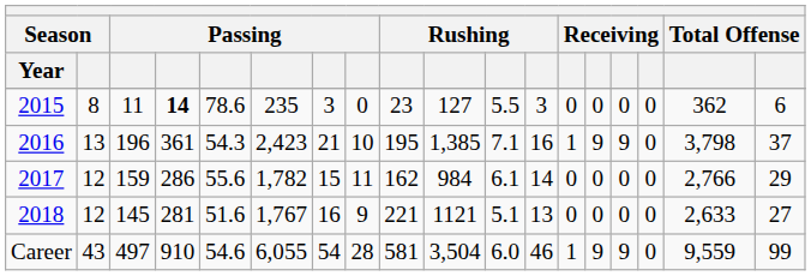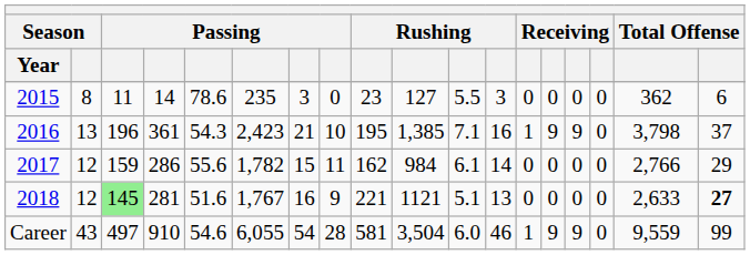 <table class=wikitable style="text-align:center;">
 <tr>
 <th colspan="18"></th>
 </tr>
 <tr>
 <th colspan=2>Season</th>
 <th colspan=6>Passing</th>
 <th colspan=4>Rushing</th>
 <th colspan=4>Receiving</th>
 <th colspan=2>Total Offense</th>
 </tr>
 <tr>
 <th>Year</th>
 <th></th>
 <th></th>
 <th></th>
 <th></th>
 <th></th>
 <th></th>
 <th></th>
 <th></th>
 <th></th>
 <th></th>
 <th></th>
 <th></th>
 <th></th>
 <th></th>
 <th></th>
 <th></th>
 <th></th>
 </tr>
 <tr>
 </tr>
 <tr>
 <td><a href='#'>2015</a></td>
 <td>8</td>
 <td>11</td>
-<td><strong>14</strong></td>
+<td>14</td>
 <td>78.6</td>
 <td>235</td>
 <td>3</td>
 <td>0</td>
 <td>23</td>
 <td>127</td>
 <td>5.5</td>
 <td>3</td>
 <td>0</td>
 <td>0</td>
 <td>0</td>
 <td>0</td>
 <td>362</td>
 <td>6</td>
 </tr>
 <tr>
 <td><a href='#'>2016</a></td>
 <td>13</td>
 <td>196</td>
 <td>361</td>
 <td>54.3</td>
 <td>2,423</td>
 <td>21</td>
 <td>10</td>
 <td>195</td>
 <td>1,385</td>
 <td>7.1</td>
 <td>16</td>
 <td>1</td>
 <td>9</td>
 <td>9</td>
 <td>0</td>
 <td>3,798</td>
 <td>37</td>
 </tr>
 <tr>
 <td><a href='#'>2017</a></td>
 <td>12</td>
 <td>159</td>
 <td>286</td>
 <td>55.6</td>
 <td>1,782</td>
 <td>15</td>
 <td>11</td>
 <td>162</td>
 <td>984</td>
 <td>6.1</td>
 <td>14</td>
 <td>0</td>
 <td>0</td>
 <td>0</td>
 <td>0</td>
 <td>2,766</td>
 <td>29</td>
 </tr>
 <tr>
 <td><a href='#'>2018</a></td>
 <td>12</td>
-<td>145</td>
+<td style="background: lightgreen;">145</td>
 <td>281</td>
 <td>51.6</td>
 <td>1,767</td>
 <td>16</td>
 <td>9</td>
 <td>221</td>
 <td>1121</td>
 <td>5.1</td>
 <td>13</td>
 <td>0</td>
 <td>0</td>
 <td>0</td>
 <td>0</td>
 <td>2,633</td>
-<td>27</td>
+<td><strong>27</strong></td>
 </tr>
 <tr>
 <td>Career</td>
 <td>43</td>
 <td>497</td>
 <td>910</td>
 <td>54.6</td>
 <td>6,055</td>
 <td>54</td>
 <td>28</td>
 <td>581</td>
 <td>3,504</td>
 <td>6.0</td>
 <td>46</td>
 <td>1</td>
 <td>9</td>
 <td>9</td>
 <td>0</td>
 <td>9,559</td>
 <td>99</td>
 </tr>
 </table>
